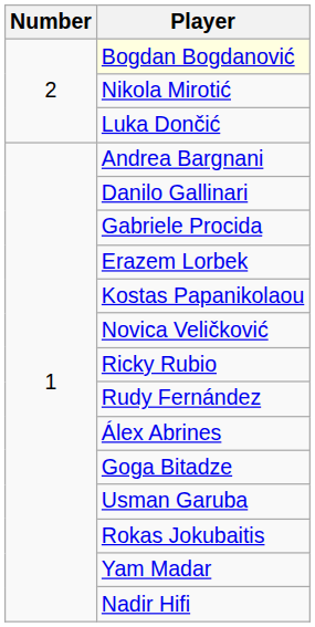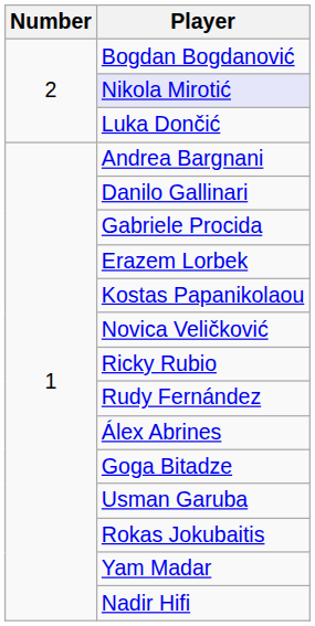 <table class="wikitable sortable">
 <tr>
 <th>Number</th>
 <th>Player</th>
 </tr>
 <tr>
 <td rowspan=3 style="text-align:center;">2</td>
-<td style="background: lightyellow;"> <a href='#'>Bogdan Bogdanović</a></td>
+<td> <a href='#'>Bogdan Bogdanović</a></td>
 </tr>
 <tr>
-<td> <a href='#'>Nikola Mirotić</a></td>
+<td style="background: lavender;"> <a href='#'>Nikola Mirotić</a></td>
 </tr>
 <tr>
 <td> <a href='#'>Luka Dončić</a></td>
 </tr>
 <tr>
 <td rowspan="14" style="text-align:center;">1</td>
 <td> <a href='#'>Andrea Bargnani</a></td>
 </tr>
 <tr>
 <td> <a href='#'>Danilo Gallinari</a></td>
 </tr>
 <tr>
 <td> <a href='#'>Gabriele Procida</a></td>
 </tr>
 <tr>
 <td> <a href='#'>Erazem Lorbek</a></td>
 </tr>
 <tr>
 <td> <a href='#'>Kostas Papanikolaou</a></td>
 </tr>
 <tr>
 <td> <a href='#'>Novica Veličković</a></td>
 </tr>
 <tr>
 <td> <a href='#'>Ricky Rubio</a></td>
 </tr>
 <tr>
 <td> <a href='#'>Rudy Fernández</a></td>
 </tr>
 <tr>
 <td> <a href='#'>Álex Abrines</a></td>
 </tr>
 <tr>
 <td> <a href='#'>Goga Bitadze</a></td>
 </tr>
 <tr>
 <td> <a href='#'>Usman Garuba</a></td>
 </tr>
 <tr>
 <td> <a href='#'>Rokas Jokubaitis</a></td>
 </tr>
 <tr>
 <td> <a href='#'>Yam Madar</a></td>
 </tr>
 <tr>
 <td> <a href='#'>Nadir Hifi</a></td>
 </tr>
 </table>
